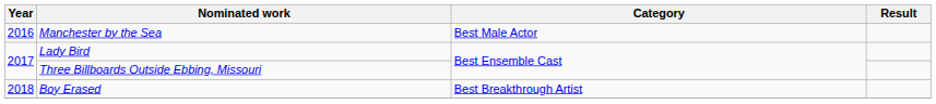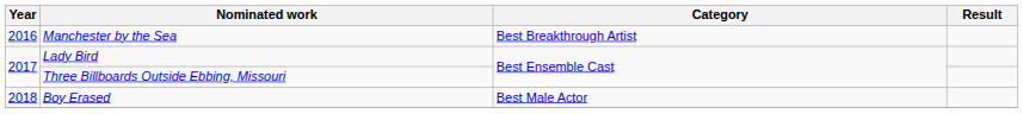 <table class="wikitable">
 <tr>
 <th scope="col" style="width:1em;">Year</th>
 <th scope="col" style="width:35em;">Nominated work</th>
 <th scope="col" style="width:35em;">Category</th>
 <th scope="col" style="width:5em;">Result</th>
 </tr>
 <tr>
 <td><a href='#'>2016</a></td>
 <td><em><a href='#'>Manchester by the Sea</a></em></td>
-<td><a href='#'>Best Male Actor</a></td>
+<td><a href='#'>Best Breakthrough Artist</a></td>
 <td></td>
 </tr>
 <tr>
 <td rowspan="2"><a href='#'>2017</a></td>
 <td><em><a href='#'>Lady Bird</a></em></td>
 <td rowspan="2"><a href='#'>Best Ensemble Cast</a></td>
 <td></td>
 </tr>
 <tr>
 <td><em><a href='#'>Three Billboards Outside Ebbing, Missouri</a></em></td>
 <td></td>
 </tr>
 <tr>
 <td><a href='#'>2018</a></td>
 <td><em><a href='#'>Boy Erased</a></em></td>
-<td><a href='#'>Best Breakthrough Artist</a></td>
+<td><a href='#'>Best Male Actor</a></td>
 <td></td>
 </tr>
 <tr>
 </tr>
 </table>
